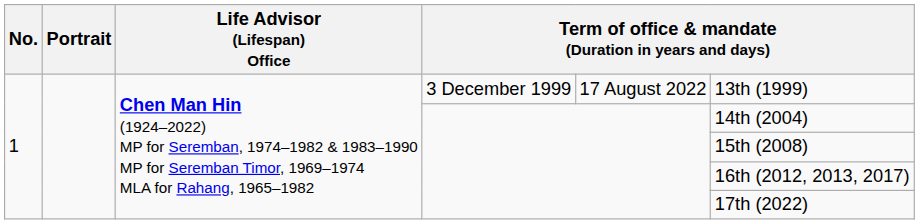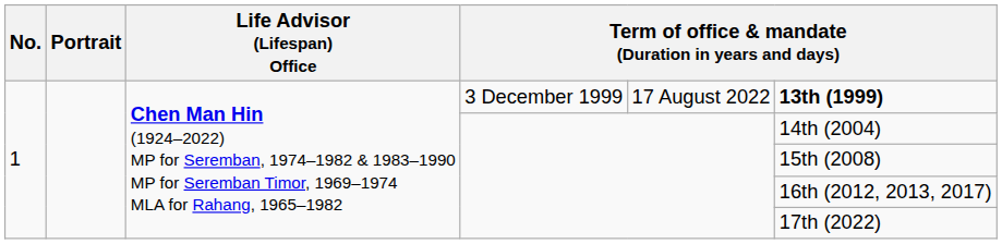 <table class="wikitable">
 <tr>
 <th>No.</th>
 <th>Portrait</th>
 <th>Life Advisor<br><small>(Lifespan)</small><br><small>Office</small></th>
 <th colspan="3">Term of office & mandate<br><small>(Duration in years and days)</small></th>
 </tr>
 <tr>
 <td rowspan="5">1</td>
 <td rowspan="5"></td>
 <td rowspan="5"><strong><a href='#'>Chen Man Hin</a></strong> <br> <small>(1924–2022) </small> <br> <small> MP for <a href='#'>Seremban</a>, 1974–1982 & 1983–1990 </small><br><small>MP for <a href='#'>Seremban Timor</a>, 1969–1974 </small><br><small> MLA for <a href='#'>Rahang</a>, 1965–1982</small></td>
 <td>3 December 1999</td>
 <td>17 August 2022</td>
-<td>13th (1999)</td>
+<td><strong>13th (1999)</strong></td>
 </tr>
 <tr>
 <td colspan="2" rowspan="4" align="center"></td>
 <td>14th (2004)</td>
 </tr>
 <tr>
 <td>15th (2008)</td>
 </tr>
 <tr>
 <td>16th (2012, 2013, 2017)</td>
 </tr>
 <tr>
 <td>17th (2022)</td>
 </tr>
 </table>
